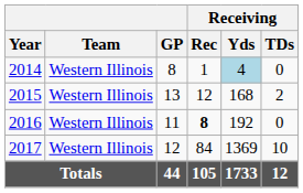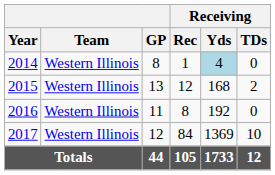 <table class="wikitable" style="text-align:center;">
 <tr>
 <th colspan=3></th>
 <th colspan=3>Receiving</th>
 </tr>
 <tr>
 <th>Year</th>
 <th>Team</th>
 <th>GP</th>
 <th>Rec</th>
 <th>Yds</th>
 <th>TDs</th>
 </tr>
 <tr>
 <td><a href='#'>2014</a></td>
 <td><a href='#'>Western Illinois</a></td>
 <td>8</td>
 <td>1</td>
 <td style="background: lightblue;">4</td>
 <td>0</td>
 </tr>
 <tr>
 <td><a href='#'>2015</a></td>
 <td><a href='#'>Western Illinois</a></td>
 <td>13</td>
 <td>12</td>
 <td>168</td>
 <td>2</td>
 </tr>
 <tr>
 <td><a href='#'>2016</a></td>
 <td><a href='#'>Western Illinois</a></td>
 <td>11</td>
-<td><strong>8</strong></td>
+<td>8</td>
 <td>192</td>
 <td>0</td>
 </tr>
 <tr>
 <td><a href='#'>2017</a></td>
 <td><a href='#'>Western Illinois</a></td>
 <td>12</td>
 <td>84</td>
 <td>1369</td>
 <td>10</td>
 </tr>
 <tr style="background:#555; font-weight:bold; color:white;">
 <td colspan=2>Totals</td>
 <td>44</td>
 <td>105</td>
 <td>1733</td>
 <td>12</td>
 </tr>
 </table>
